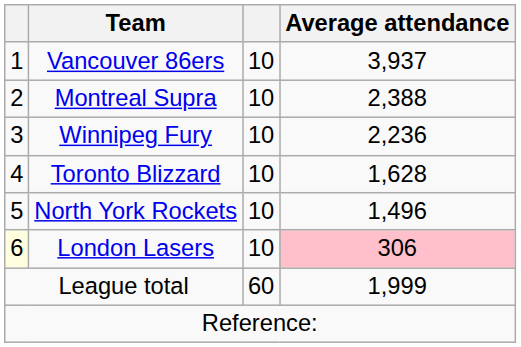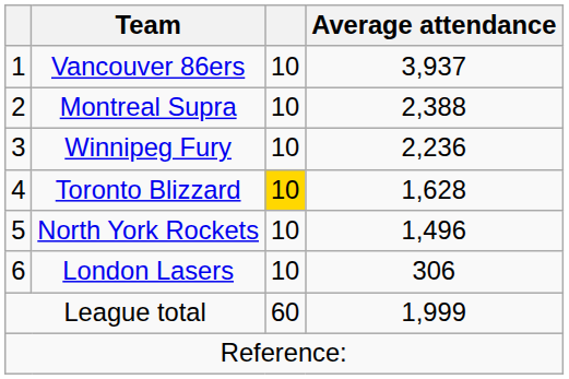 <table class="wikitable" style="text-align:center">
 <tr>
 <th></th>
 <th>Team</th>
 <th></th>
 <th>Average attendance</th>
 </tr>
 <tr>
 <td>1</td>
 <td><a href='#'>Vancouver 86ers</a></td>
 <td>10</td>
 <td>3,937</td>
 </tr>
 <tr>
 <td>2</td>
 <td><a href='#'>Montreal Supra</a></td>
 <td>10</td>
 <td>2,388</td>
 </tr>
 <tr>
 <td>3</td>
 <td><a href='#'>Winnipeg Fury</a></td>
 <td>10</td>
 <td>2,236</td>
 </tr>
 <tr>
 <td>4</td>
 <td><a href='#'>Toronto Blizzard</a></td>
-<td>10</td>
+<td style="background: gold;">10</td>
 <td>1,628</td>
 </tr>
 <tr>
 <td>5</td>
 <td><a href='#'>North York Rockets</a></td>
 <td>10</td>
 <td>1,496</td>
 </tr>
 <tr>
-<td style="background: lightyellow;">6</td>
+<td>6</td>
 <td><a href='#'>London Lasers</a></td>
 <td>10</td>
-<td style="background: pink;">306</td>
+<td>306</td>
 </tr>
 <tr>
 <td colspan="2">League total</td>
 <td>60</td>
 <td>1,999</td>
 </tr>
 <tr>
 <td colspan="4">Reference:</td>
 </tr>
 </table>
